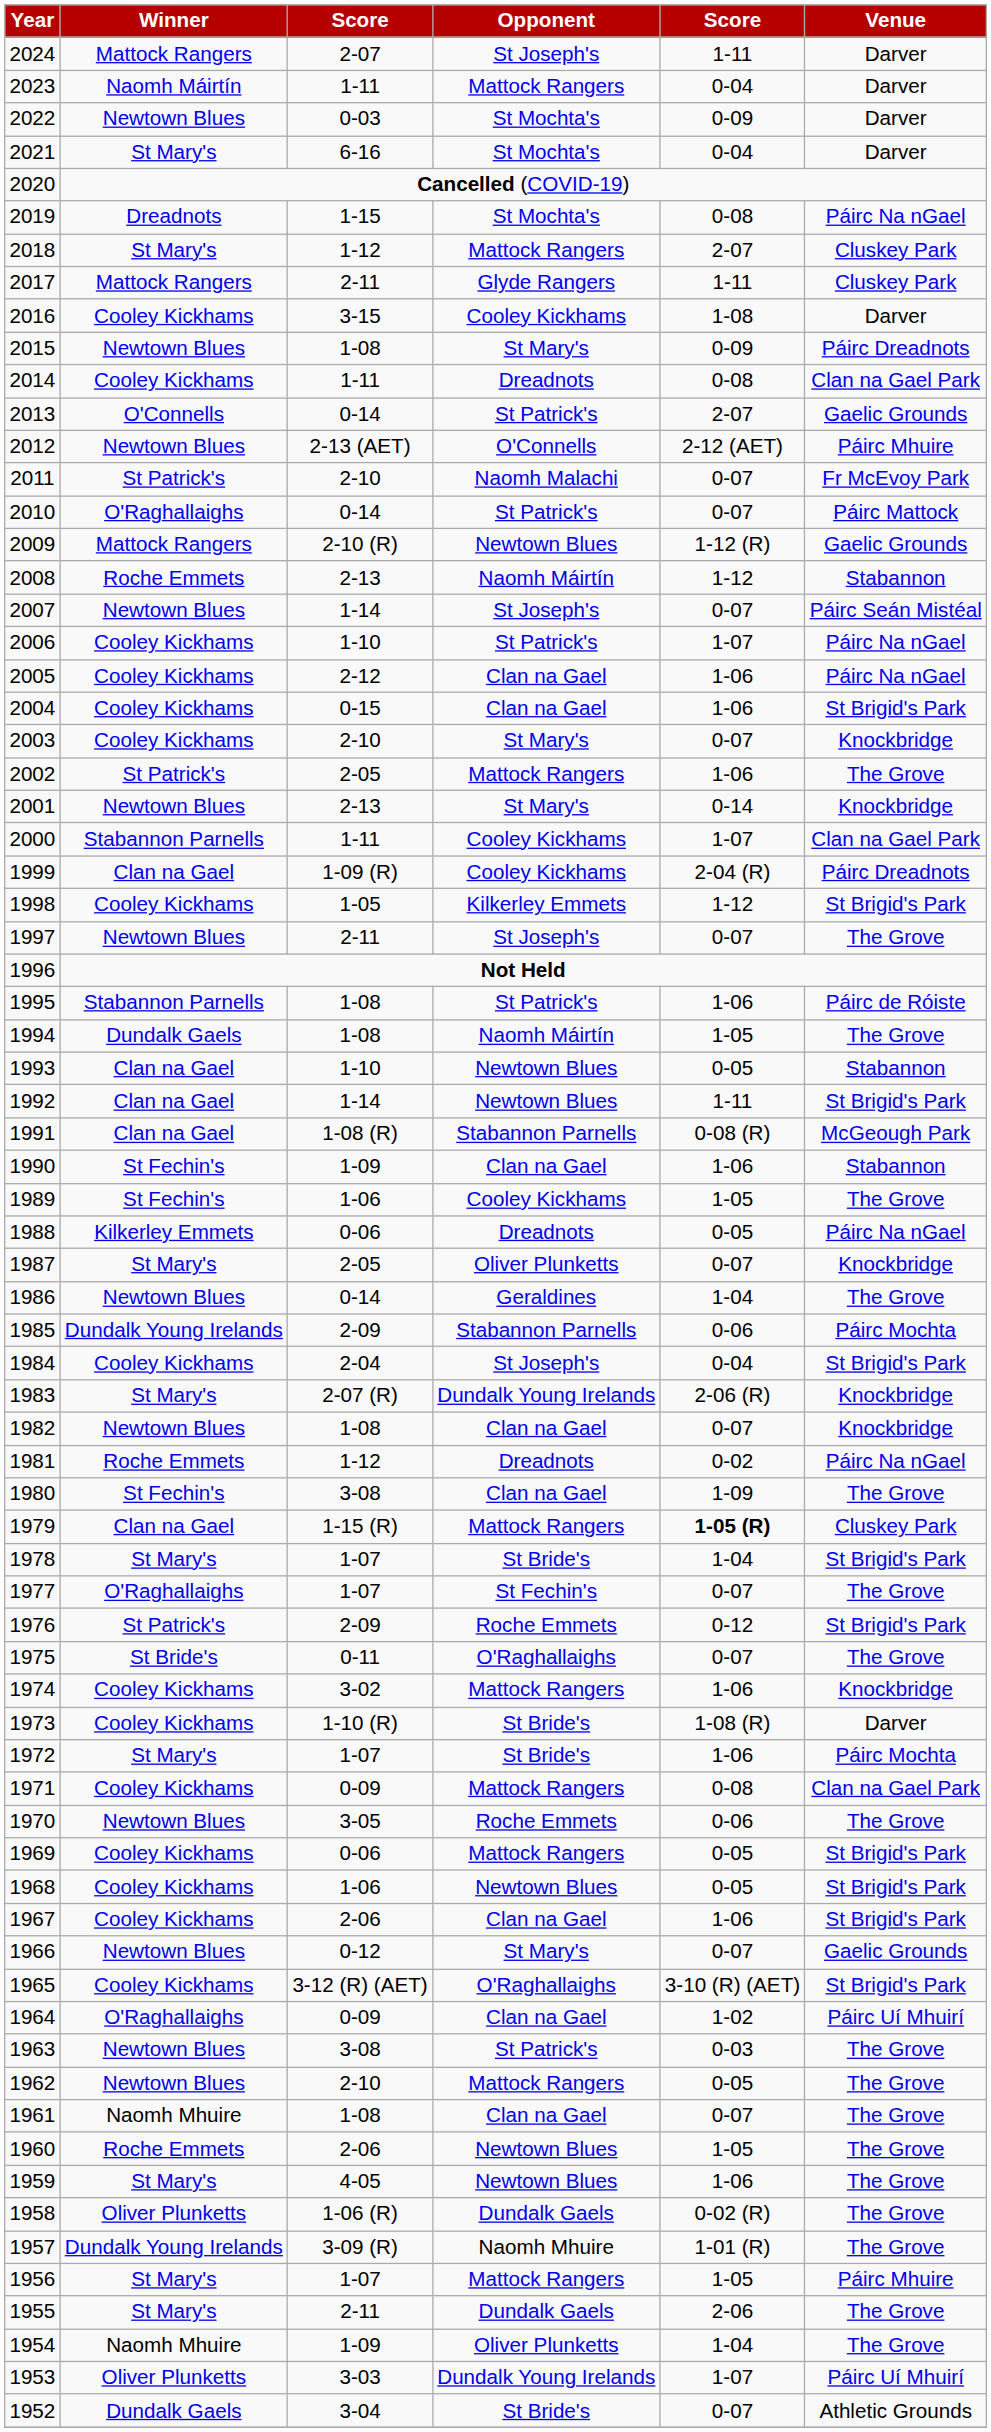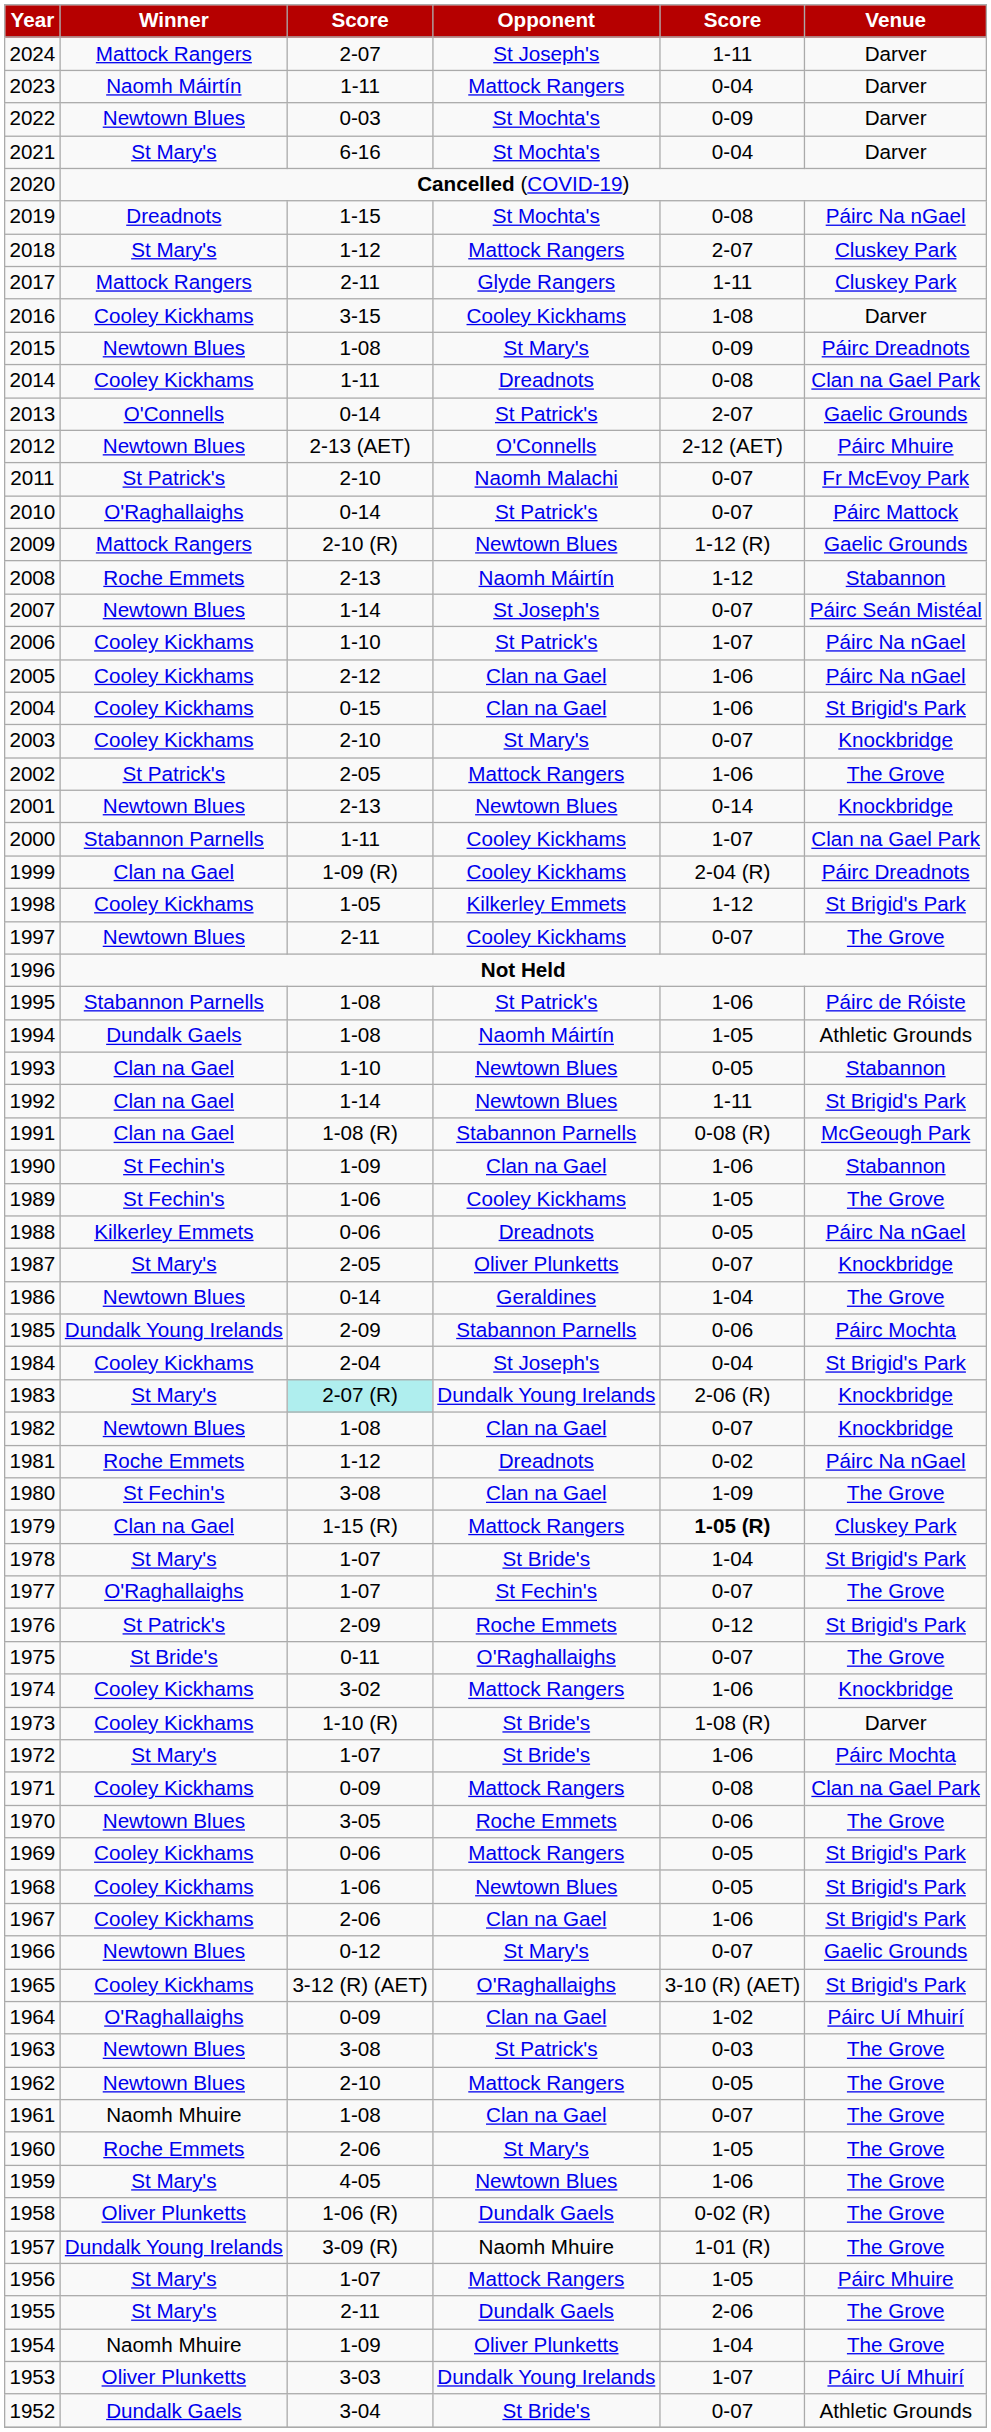 <table class="wikitable" style="text-align:center;">
 <tr>
 <th style="background:#B60000;color:white">Year</th>
 <th style="background:#B60000;color:white">Winner</th>
 <th style="background:#B60000;color:white">Score</th>
 <th style="background:#B60000;color:white">Opponent</th>
 <th style="background:#B60000;color:white">Score</th>
 <th style="background:#B60000;color:white">Venue</th>
 </tr>
 <tr>
 <td>2024</td>
 <td><a href='#'>Mattock Rangers</a></td>
 <td>2-07</td>
 <td><a href='#'>St Joseph's</a></td>
 <td>1-11</td>
 <td>Darver</td>
 </tr>
 <tr>
 <td>2023</td>
 <td><a href='#'>Naomh Máirtín</a></td>
 <td>1-11</td>
 <td><a href='#'>Mattock Rangers</a></td>
 <td>0-04</td>
 <td>Darver</td>
 </tr>
 <tr>
 <td>2022</td>
 <td><a href='#'>Newtown Blues</a></td>
 <td>0-03</td>
 <td><a href='#'>St Mochta's</a></td>
 <td>0-09</td>
 <td>Darver</td>
 </tr>
 <tr>
 <td>2021</td>
 <td><a href='#'>St Mary's</a></td>
 <td>6-16</td>
 <td><a href='#'>St Mochta's</a></td>
 <td>0-04</td>
 <td>Darver</td>
 </tr>
 <tr>
 <td>2020</td>
 <td ! colspan=5 align=center><strong>Cancelled</strong> (<a href='#'>COVID-19</a>)</td>
 </tr>
 <tr>
 <td>2019</td>
 <td><a href='#'>Dreadnots</a></td>
 <td>1-15</td>
 <td><a href='#'>St Mochta's</a></td>
 <td>0-08</td>
 <td><a href='#'>Páirc Na nGael</a></td>
 </tr>
 <tr>
 <td>2018</td>
 <td><a href='#'>St Mary's</a></td>
 <td>1-12</td>
 <td><a href='#'>Mattock Rangers</a></td>
 <td>2-07</td>
 <td><a href='#'>Cluskey Park</a></td>
 </tr>
 <tr>
 <td>2017</td>
 <td><a href='#'>Mattock Rangers</a></td>
 <td>2-11</td>
 <td><a href='#'>Glyde Rangers</a></td>
 <td>1-11</td>
 <td><a href='#'>Cluskey Park</a></td>
 </tr>
 <tr>
 <td>2016</td>
 <td><a href='#'>Cooley Kickhams</a></td>
 <td>3-15</td>
 <td><a href='#'>Cooley Kickhams</a></td>
 <td>1-08</td>
 <td>Darver</td>
 </tr>
 <tr>
 <td>2015</td>
 <td><a href='#'>Newtown Blues</a></td>
 <td>1-08</td>
 <td><a href='#'>St Mary's</a></td>
 <td>0-09</td>
 <td><a href='#'>Páirc Dreadnots</a></td>
 </tr>
 <tr>
 <td>2014</td>
 <td><a href='#'>Cooley Kickhams</a></td>
 <td>1-11</td>
 <td><a href='#'>Dreadnots</a></td>
 <td>0-08</td>
 <td><a href='#'>Clan na Gael Park</a></td>
 </tr>
 <tr>
 <td>2013</td>
 <td><a href='#'>O'Connells</a></td>
 <td>0-14</td>
 <td><a href='#'>St Patrick's</a></td>
 <td>2-07</td>
 <td><a href='#'>Gaelic Grounds</a></td>
 </tr>
 <tr>
 <td>2012</td>
 <td><a href='#'>Newtown Blues</a></td>
 <td>2-13 (AET)</td>
 <td><a href='#'>O'Connells</a></td>
 <td>2-12 (AET)</td>
 <td><a href='#'>Páirc Mhuire</a></td>
 </tr>
 <tr>
 <td>2011</td>
 <td><a href='#'>St Patrick's</a></td>
 <td>2-10</td>
 <td><a href='#'>Naomh Malachi</a></td>
 <td>0-07</td>
 <td><a href='#'>Fr McEvoy Park</a></td>
 </tr>
 <tr>
 <td>2010</td>
 <td><a href='#'>O'Raghallaighs</a></td>
 <td>0-14</td>
 <td><a href='#'>St Patrick's</a></td>
 <td>0-07</td>
 <td><a href='#'>Páirc Mattock</a></td>
 </tr>
 <tr>
 <td>2009</td>
 <td><a href='#'>Mattock Rangers</a></td>
 <td>2-10 (R)</td>
 <td><a href='#'>Newtown Blues</a></td>
 <td>1-12 (R)</td>
 <td><a href='#'>Gaelic Grounds</a></td>
 </tr>
 <tr>
 <td>2008</td>
 <td><a href='#'>Roche Emmets</a></td>
 <td>2-13</td>
 <td><a href='#'>Naomh Máirtín</a></td>
 <td>1-12</td>
 <td><a href='#'>Stabannon</a></td>
 </tr>
 <tr>
 <td>2007</td>
 <td><a href='#'>Newtown Blues</a></td>
 <td>1-14</td>
 <td><a href='#'>St Joseph's</a></td>
 <td>0-07</td>
 <td><a href='#'>Páirc Seán Mistéal</a></td>
 </tr>
 <tr>
 <td>2006</td>
 <td><a href='#'>Cooley Kickhams</a></td>
 <td>1-10</td>
 <td><a href='#'>St Patrick's</a></td>
 <td>1-07</td>
 <td><a href='#'>Páirc Na nGael</a></td>
 </tr>
 <tr>
 <td>2005</td>
 <td><a href='#'>Cooley Kickhams</a></td>
 <td>2-12</td>
 <td><a href='#'>Clan na Gael</a></td>
 <td>1-06</td>
 <td><a href='#'>Páirc Na nGael</a></td>
 </tr>
 <tr>
 <td>2004</td>
 <td><a href='#'>Cooley Kickhams</a></td>
 <td>0-15</td>
 <td><a href='#'>Clan na Gael</a></td>
 <td>1-06</td>
 <td><a href='#'>St Brigid's Park</a></td>
 </tr>
 <tr>
 <td>2003</td>
 <td><a href='#'>Cooley Kickhams</a></td>
 <td>2-10</td>
 <td><a href='#'>St Mary's</a></td>
 <td>0-07</td>
 <td><a href='#'>Knockbridge</a></td>
 </tr>
 <tr>
 <td>2002</td>
 <td><a href='#'>St Patrick's</a></td>
 <td>2-05</td>
 <td><a href='#'>Mattock Rangers</a></td>
 <td>1-06</td>
 <td><a href='#'>The Grove</a></td>
 </tr>
 <tr>
 <td>2001</td>
 <td><a href='#'>Newtown Blues</a></td>
 <td>2-13</td>
-<td><a href='#'>St Mary's</a></td>
+<td><a href='#'>Newtown Blues</a></td>
 <td>0-14</td>
 <td><a href='#'>Knockbridge</a></td>
 </tr>
 <tr>
 <td>2000</td>
 <td><a href='#'>Stabannon Parnells</a></td>
 <td>1-11</td>
 <td><a href='#'>Cooley Kickhams</a></td>
 <td>1-07</td>
 <td><a href='#'>Clan na Gael Park</a></td>
 </tr>
 <tr>
 <td>1999</td>
 <td><a href='#'>Clan na Gael</a></td>
 <td>1-09 (R)</td>
 <td><a href='#'>Cooley Kickhams</a></td>
 <td>2-04 (R)</td>
 <td><a href='#'>Páirc Dreadnots</a></td>
 </tr>
 <tr>
 <td>1998</td>
 <td><a href='#'>Cooley Kickhams</a></td>
 <td>1-05</td>
 <td><a href='#'>Kilkerley Emmets</a></td>
 <td>1-12</td>
 <td><a href='#'>St Brigid's Park</a></td>
 </tr>
 <tr>
 <td>1997</td>
 <td><a href='#'>Newtown Blues</a></td>
 <td>2-11</td>
-<td><a href='#'>St Joseph's</a></td>
+<td><a href='#'>Cooley Kickhams</a></td>
 <td>0-07</td>
 <td><a href='#'>The Grove</a></td>
 </tr>
 <tr>
 <td>1996</td>
 <td ! colspan=5 align=center><strong>Not Held</strong></td>
 </tr>
 <tr>
 <td>1995</td>
 <td><a href='#'>Stabannon Parnells</a></td>
 <td>1-08</td>
 <td><a href='#'>St Patrick's</a></td>
 <td>1-06</td>
 <td><a href='#'>Páirc de Róiste</a></td>
 </tr>
 <tr>
 <td>1994</td>
 <td><a href='#'>Dundalk Gaels</a></td>
 <td>1-08</td>
 <td><a href='#'>Naomh Máirtín</a></td>
 <td>1-05</td>
-<td><a href='#'>The Grove</a></td>
+<td>Athletic Grounds</td>
 </tr>
 <tr>
 <td>1993</td>
 <td><a href='#'>Clan na Gael</a></td>
 <td>1-10</td>
 <td><a href='#'>Newtown Blues</a></td>
 <td>0-05</td>
 <td><a href='#'>Stabannon</a></td>
 </tr>
 <tr>
 <td>1992</td>
 <td><a href='#'>Clan na Gael</a></td>
 <td>1-14</td>
 <td><a href='#'>Newtown Blues</a></td>
 <td>1-11</td>
 <td><a href='#'>St Brigid's Park</a></td>
 </tr>
 <tr>
 <td>1991</td>
 <td><a href='#'>Clan na Gael</a></td>
 <td>1-08 (R)</td>
 <td><a href='#'>Stabannon Parnells</a></td>
 <td>0-08 (R)</td>
 <td><a href='#'>McGeough Park</a></td>
 </tr>
 <tr>
 <td>1990</td>
 <td><a href='#'>St Fechin's</a></td>
 <td>1-09</td>
 <td><a href='#'>Clan na Gael</a></td>
 <td>1-06</td>
 <td><a href='#'>Stabannon</a></td>
 </tr>
 <tr>
 <td>1989</td>
 <td><a href='#'>St Fechin's</a></td>
 <td>1-06</td>
 <td><a href='#'>Cooley Kickhams</a></td>
 <td>1-05</td>
 <td><a href='#'>The Grove</a></td>
 </tr>
 <tr>
 <td>1988</td>
 <td><a href='#'>Kilkerley Emmets</a></td>
 <td>0-06</td>
 <td><a href='#'>Dreadnots</a></td>
 <td>0-05</td>
 <td><a href='#'>Páirc Na nGael</a></td>
 </tr>
 <tr>
 <td>1987</td>
 <td><a href='#'>St Mary's</a></td>
 <td>2-05</td>
 <td><a href='#'>Oliver Plunketts</a></td>
 <td>0-07</td>
 <td><a href='#'>Knockbridge</a></td>
 </tr>
 <tr>
 <td>1986</td>
 <td><a href='#'>Newtown Blues</a></td>
 <td>0-14</td>
 <td><a href='#'>Geraldines</a></td>
 <td>1-04</td>
 <td><a href='#'>The Grove</a></td>
 </tr>
 <tr>
 <td>1985</td>
 <td><a href='#'>Dundalk Young Irelands</a></td>
 <td>2-09</td>
 <td><a href='#'>Stabannon Parnells</a></td>
 <td>0-06</td>
 <td><a href='#'>Páirc Mochta</a></td>
 </tr>
 <tr>
 <td>1984</td>
 <td><a href='#'>Cooley Kickhams</a></td>
 <td>2-04</td>
 <td><a href='#'>St Joseph's</a></td>
 <td>0-04</td>
 <td><a href='#'>St Brigid's Park</a></td>
 </tr>
 <tr>
 <td>1983</td>
 <td><a href='#'>St Mary's</a></td>
-<td>2-07 (R)</td>
+<td style="background: paleturquoise;">2-07 (R)</td>
 <td><a href='#'>Dundalk Young Irelands</a></td>
 <td>2-06 (R)</td>
 <td><a href='#'>Knockbridge</a></td>
 </tr>
 <tr>
 <td>1982</td>
 <td><a href='#'>Newtown Blues</a></td>
 <td>1-08</td>
 <td><a href='#'>Clan na Gael</a></td>
 <td>0-07</td>
 <td><a href='#'>Knockbridge</a></td>
 </tr>
 <tr>
 <td>1981</td>
 <td><a href='#'>Roche Emmets</a></td>
 <td>1-12</td>
 <td><a href='#'>Dreadnots</a></td>
 <td>0-02</td>
 <td><a href='#'>Páirc Na nGael</a></td>
 </tr>
 <tr>
 <td>1980</td>
 <td><a href='#'>St Fechin's</a></td>
 <td>3-08</td>
 <td><a href='#'>Clan na Gael</a></td>
 <td>1-09</td>
 <td><a href='#'>The Grove</a></td>
 </tr>
 <tr>
 <td>1979</td>
 <td><a href='#'>Clan na Gael</a></td>
 <td>1-15 (R)</td>
 <td><a href='#'>Mattock Rangers</a></td>
 <td><strong>1-05 (R)</strong></td>
 <td><a href='#'>Cluskey Park</a></td>
 </tr>
 <tr>
 <td>1978</td>
 <td><a href='#'>St Mary's</a></td>
 <td>1-07</td>
 <td><a href='#'>St Bride's</a></td>
 <td>1-04</td>
 <td><a href='#'>St Brigid's Park</a></td>
 </tr>
 <tr>
 <td>1977</td>
 <td><a href='#'>O'Raghallaighs</a></td>
 <td>1-07</td>
 <td><a href='#'>St Fechin's</a></td>
 <td>0-07</td>
 <td><a href='#'>The Grove</a></td>
 </tr>
 <tr>
 <td>1976</td>
 <td><a href='#'>St Patrick's</a></td>
 <td>2-09</td>
 <td><a href='#'>Roche Emmets</a></td>
 <td>0-12</td>
 <td><a href='#'>St Brigid's Park</a></td>
 </tr>
 <tr>
 <td>1975</td>
 <td><a href='#'>St Bride's</a></td>
 <td>0-11</td>
 <td><a href='#'>O'Raghallaighs</a></td>
 <td>0-07</td>
 <td><a href='#'>The Grove</a></td>
 </tr>
 <tr>
 <td>1974</td>
 <td><a href='#'>Cooley Kickhams</a></td>
 <td>3-02</td>
 <td><a href='#'>Mattock Rangers</a></td>
 <td>1-06</td>
 <td><a href='#'>Knockbridge</a></td>
 </tr>
 <tr>
 <td>1973</td>
 <td><a href='#'>Cooley Kickhams</a></td>
 <td>1-10 (R)</td>
 <td><a href='#'>St Bride's</a></td>
 <td>1-08 (R)</td>
 <td>Darver</td>
 </tr>
 <tr>
 <td>1972</td>
 <td><a href='#'>St Mary's</a></td>
 <td>1-07</td>
 <td><a href='#'>St Bride's</a></td>
 <td>1-06</td>
 <td><a href='#'>Páirc Mochta</a></td>
 </tr>
 <tr>
 <td>1971</td>
 <td><a href='#'>Cooley Kickhams</a></td>
 <td>0-09</td>
 <td><a href='#'>Mattock Rangers</a></td>
 <td>0-08</td>
 <td><a href='#'>Clan na Gael Park</a></td>
 </tr>
 <tr>
 <td>1970</td>
 <td><a href='#'>Newtown Blues</a></td>
 <td>3-05</td>
 <td><a href='#'>Roche Emmets</a></td>
 <td>0-06</td>
 <td><a href='#'>The Grove</a></td>
 </tr>
 <tr>
 <td>1969</td>
 <td><a href='#'>Cooley Kickhams</a></td>
 <td>0-06</td>
 <td><a href='#'>Mattock Rangers</a></td>
 <td>0-05</td>
 <td><a href='#'>St Brigid's Park</a></td>
 </tr>
 <tr>
 <td>1968</td>
 <td><a href='#'>Cooley Kickhams</a></td>
 <td>1-06</td>
 <td><a href='#'>Newtown Blues</a></td>
 <td>0-05</td>
 <td><a href='#'>St Brigid's Park</a></td>
 </tr>
 <tr>
 <td>1967</td>
 <td><a href='#'>Cooley Kickhams</a></td>
 <td>2-06</td>
 <td><a href='#'>Clan na Gael</a></td>
 <td>1-06</td>
 <td><a href='#'>St Brigid's Park</a></td>
 </tr>
 <tr>
 <td>1966</td>
 <td><a href='#'>Newtown Blues</a></td>
 <td>0-12</td>
 <td><a href='#'>St Mary's</a></td>
 <td>0-07</td>
 <td><a href='#'>Gaelic Grounds</a></td>
 </tr>
 <tr>
 <td>1965</td>
 <td><a href='#'>Cooley Kickhams</a></td>
 <td>3-12 (R) (AET)</td>
 <td><a href='#'>O'Raghallaighs</a></td>
 <td>3-10 (R) (AET)</td>
 <td><a href='#'>St Brigid's Park</a></td>
 </tr>
 <tr>
 <td>1964</td>
 <td><a href='#'>O'Raghallaighs</a></td>
 <td>0-09</td>
 <td><a href='#'>Clan na Gael</a></td>
 <td>1-02</td>
 <td><a href='#'>Páirc Uí Mhuirí</a></td>
 </tr>
 <tr>
 <td>1963</td>
 <td><a href='#'>Newtown Blues</a></td>
 <td>3-08</td>
 <td><a href='#'>St Patrick's</a></td>
 <td>0-03</td>
 <td><a href='#'>The Grove</a></td>
 </tr>
 <tr>
 <td>1962</td>
 <td><a href='#'>Newtown Blues</a></td>
 <td>2-10</td>
 <td><a href='#'>Mattock Rangers</a></td>
 <td>0-05</td>
 <td><a href='#'>The Grove</a></td>
 </tr>
 <tr>
 <td>1961</td>
 <td>Naomh Mhuire</td>
 <td>1-08</td>
 <td><a href='#'>Clan na Gael</a></td>
 <td>0-07</td>
 <td><a href='#'>The Grove</a></td>
 </tr>
 <tr>
 <td>1960</td>
 <td><a href='#'>Roche Emmets</a></td>
 <td>2-06</td>
-<td><a href='#'>Newtown Blues</a></td>
+<td><a href='#'>St Mary's</a></td>
 <td>1-05</td>
 <td><a href='#'>The Grove</a></td>
 </tr>
 <tr>
 <td>1959</td>
 <td><a href='#'>St Mary's</a></td>
 <td>4-05</td>
 <td><a href='#'>Newtown Blues</a></td>
 <td>1-06</td>
 <td><a href='#'>The Grove</a></td>
 </tr>
 <tr>
 <td>1958</td>
 <td><a href='#'>Oliver Plunketts</a></td>
 <td>1-06 (R)</td>
 <td><a href='#'>Dundalk Gaels</a></td>
 <td>0-02 (R)</td>
 <td><a href='#'>The Grove</a></td>
 </tr>
 <tr>
 <td>1957</td>
 <td><a href='#'>Dundalk Young Irelands</a></td>
 <td>3-09 (R)</td>
 <td>Naomh Mhuire</td>
 <td>1-01 (R)</td>
 <td><a href='#'>The Grove</a></td>
 </tr>
 <tr>
 <td>1956</td>
 <td><a href='#'>St Mary's</a></td>
 <td>1-07</td>
 <td><a href='#'>Mattock Rangers</a></td>
 <td>1-05</td>
 <td><a href='#'>Páirc Mhuire</a></td>
 </tr>
 <tr>
 <td>1955</td>
 <td><a href='#'>St Mary's</a></td>
 <td>2-11</td>
 <td><a href='#'>Dundalk Gaels</a></td>
 <td>2-06</td>
 <td><a href='#'>The Grove</a></td>
 </tr>
 <tr>
 <td>1954</td>
 <td>Naomh Mhuire</td>
 <td>1-09</td>
 <td><a href='#'>Oliver Plunketts</a></td>
 <td>1-04</td>
 <td><a href='#'>The Grove</a></td>
 </tr>
 <tr>
 <td>1953</td>
 <td><a href='#'>Oliver Plunketts</a></td>
 <td>3-03</td>
 <td><a href='#'>Dundalk Young Irelands</a></td>
 <td>1-07</td>
 <td><a href='#'>Páirc Uí Mhuirí</a></td>
 </tr>
 <tr>
 <td>1952</td>
 <td><a href='#'>Dundalk Gaels</a></td>
 <td>3-04</td>
 <td><a href='#'>St Bride's</a></td>
 <td>0-07</td>
 <td>Athletic Grounds</td>
 </tr>
 <tr>
 </tr>
 </table>
